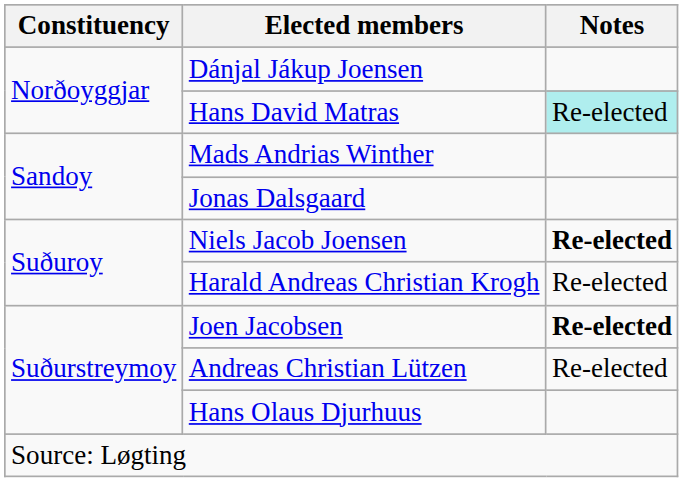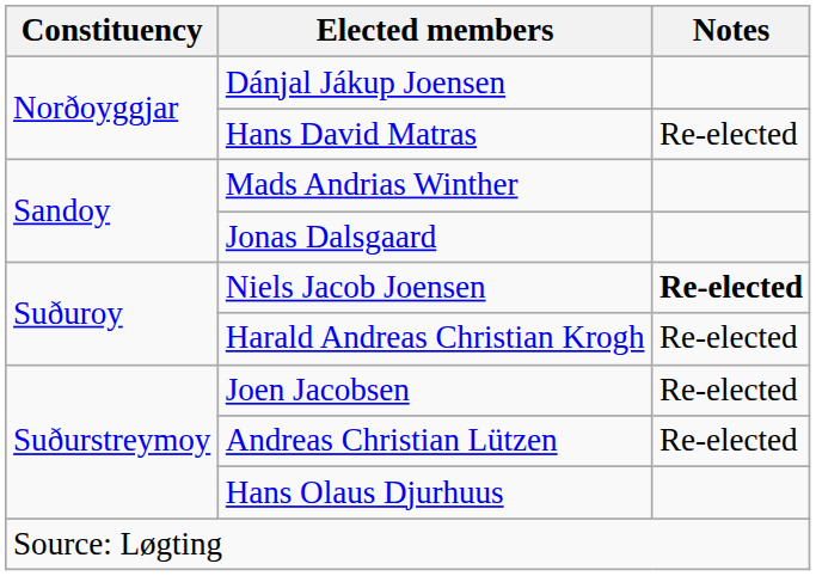 <table class=wikitable>
 <tr>
 <th>Constituency</th>
 <th>Elected members</th>
 <th>Notes</th>
 </tr>
 <tr>
 <td rowspan=2><a href='#'>Norðoyggjar</a></td>
 <td><a href='#'>Dánjal Jákup Joensen</a></td>
 </tr>
 <tr>
 <td><a href='#'>Hans David Matras</a></td>
-<td style="background: paleturquoise;">Re-elected</td>
+<td>Re-elected</td>
 </tr>
 <tr>
 <td rowspan=2><a href='#'>Sandoy</a></td>
 <td><a href='#'>Mads Andrias Winther</a></td>
 </tr>
 <tr>
 <td><a href='#'>Jonas Dalsgaard</a></td>
 <td></td>
 </tr>
 <tr>
 <td rowspan=2><a href='#'>Suðuroy</a></td>
 <td><a href='#'>Niels Jacob Joensen</a></td>
 <td><strong>Re-elected</strong></td>
 </tr>
 <tr>
 <td><a href='#'>Harald Andreas Christian Krogh</a></td>
 <td>Re-elected</td>
 </tr>
 <tr>
 <td rowspan=3><a href='#'>Suðurstreymoy</a></td>
 <td><a href='#'>Joen Jacobsen</a></td>
-<td><strong>Re-elected</strong></td>
+<td>Re-elected</td>
 </tr>
 <tr>
 <td><a href='#'>Andreas Christian Lützen</a></td>
 <td>Re-elected</td>
 </tr>
 <tr>
 <td><a href='#'>Hans Olaus Djurhuus</a></td>
 <td></td>
 </tr>
 <tr>
 <td colspan=3>Source: Løgting</td>
 </tr>
 </table>
